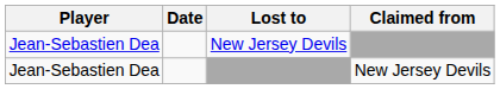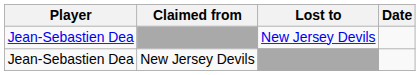 <table class="wikitable">
 <tr>
 <th>Player</th>
+<th>Claimed from</th>
+<th>Lost to</th>
 <th>Date</th>
-<th>Lost to</th>
-<th>Claimed from</th>
 </tr>
 <tr>
 <td><a href='#'>Jean-Sebastien Dea</a></td>
+<td style="background:darkgray;"></td>
+<td><a href='#'>New Jersey Devils</a></td>
 <td></td>
-<td><a href='#'>New Jersey Devils</a></td>
-<td style="background:darkgray;"></td>
 </tr>
 <tr>
 <td>Jean-Sebastien Dea</td>
+<td>New Jersey Devils</td>
+<td style="background:darkgray;"></td>
 <td></td>
-<td style="background:darkgray;"></td>
-<td>New Jersey Devils</td>
 </tr>
 </table>
